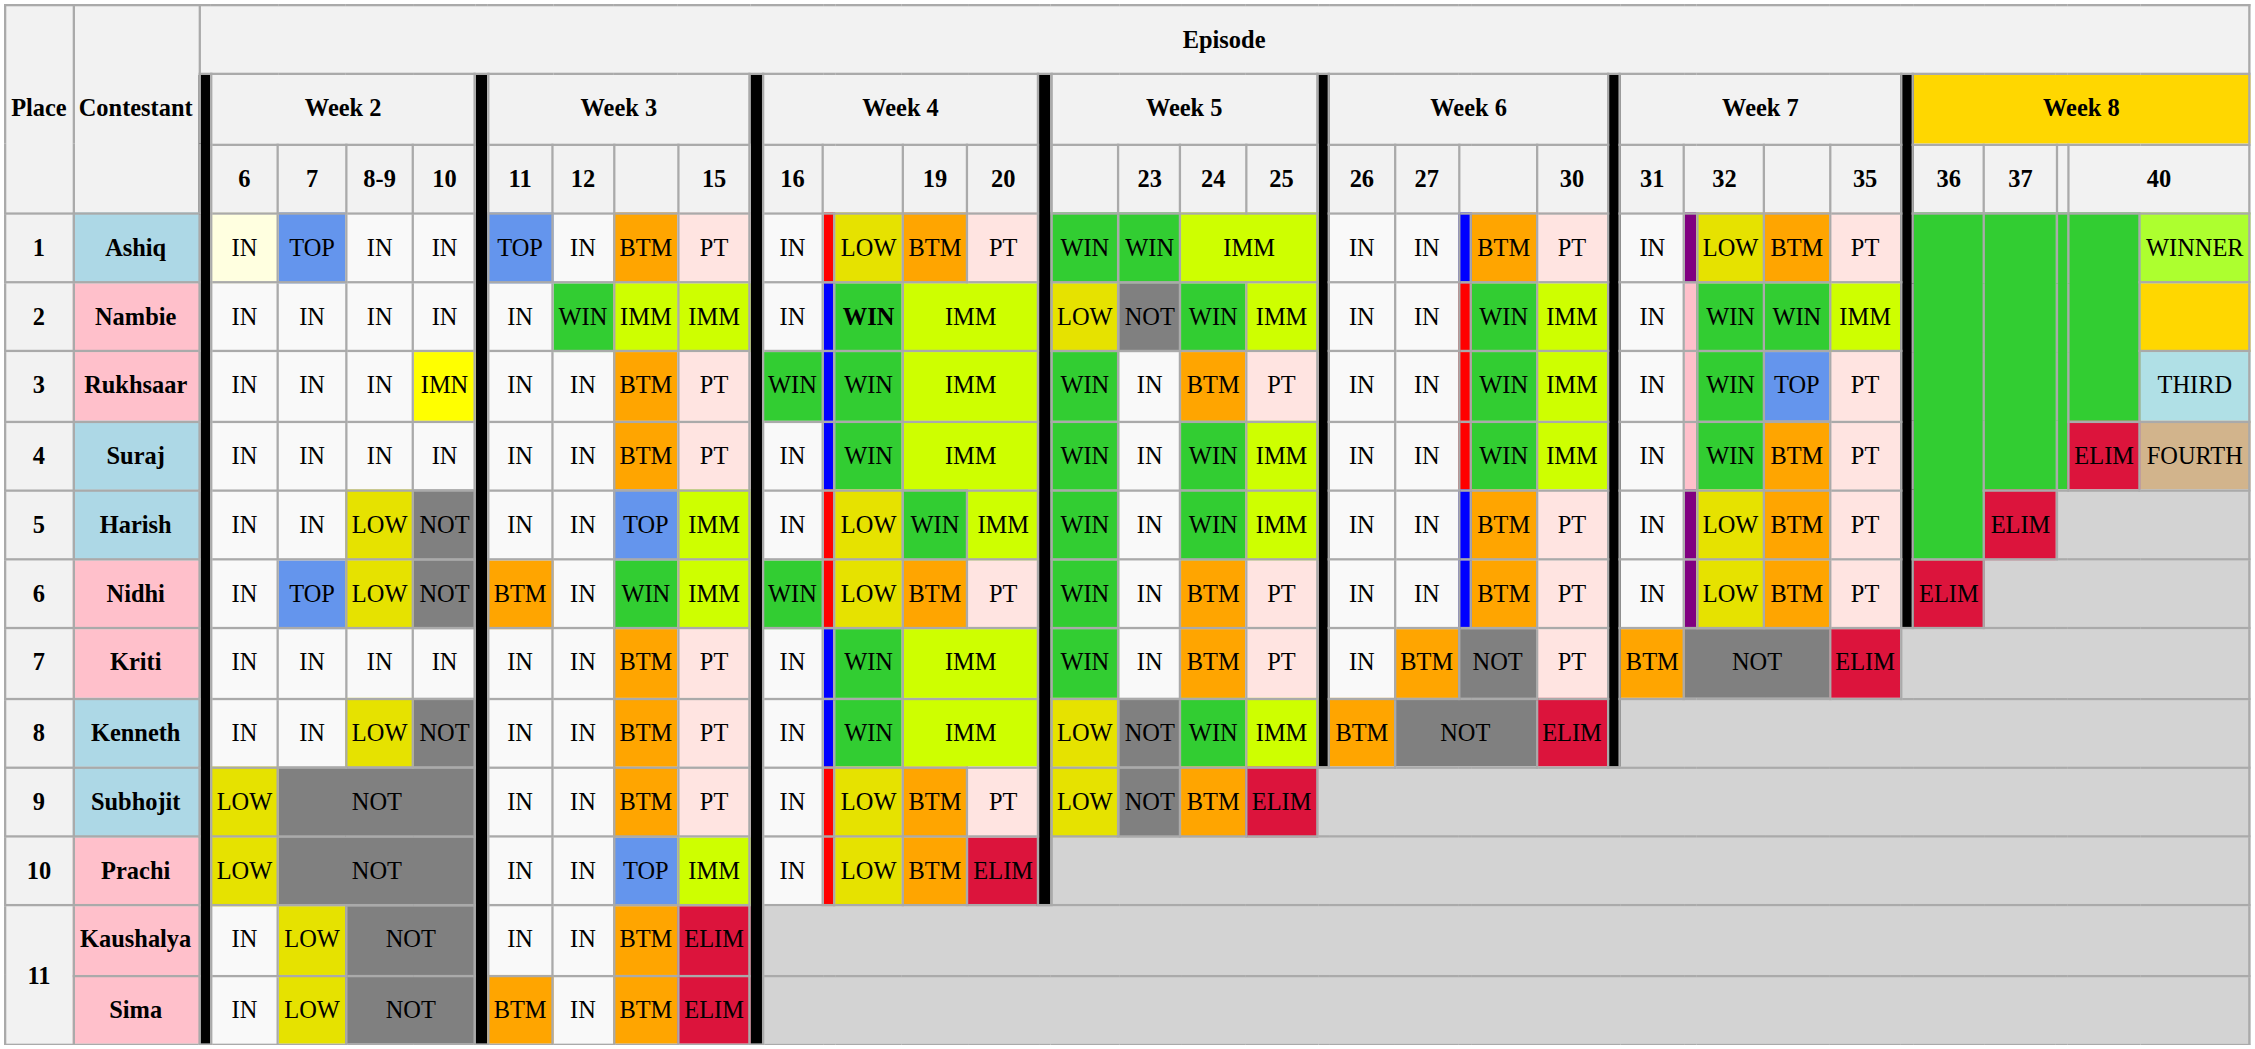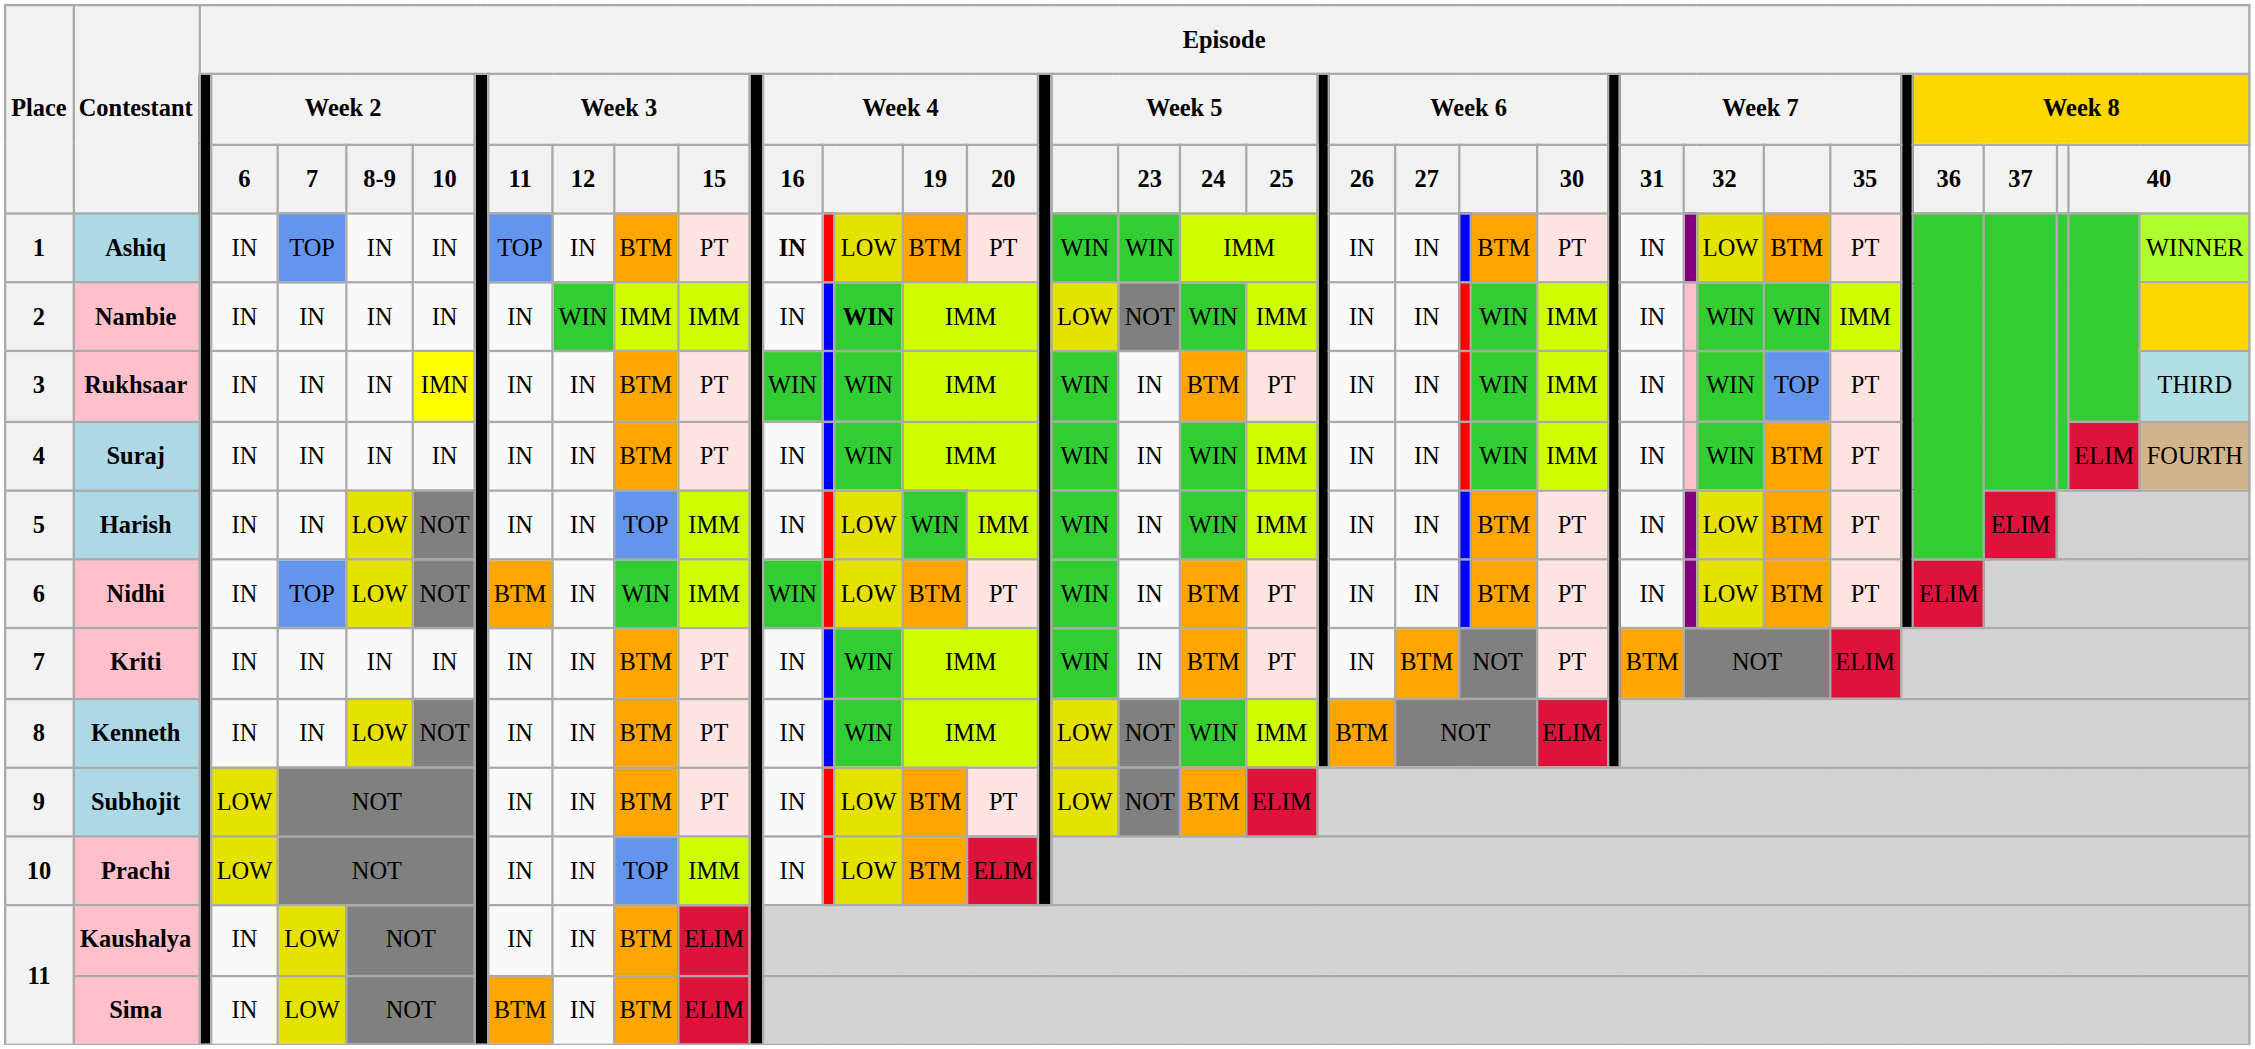 <table class="wikitable" style="text-align: center; font-size: 8pt; line-height:25px;">
 <tr>
 <th rowspan="3">Place</th>
 <th rowspan="3">Contestant</th>
 <th colspan="39">Episode</th>
 </tr>
 <tr>
 <td rowspan="14" bgcolor=Black></td>
 <th colspan="4">Week 2</th>
 <td rowspan="14" bgcolor=Black></td>
 <th colspan="4">Week 3</th>
 <td rowspan="14" bgcolor=Black></td>
 <th colspan="5">Week 4</th>
 <td rowspan="12" bgcolor=Black></td>
 <th colspan="4">Week 5</th>
 <td rowspan="10" bgcolor=Black></td>
 <th colspan="5">Week 6</th>
 <td rowspan="10" bgcolor=Black></td>
 <th colspan="5">Week 7</th>
 <td rowspan="8" bgcolor=Black></td>
 <td colspan="5" bgcolor="gold"><strong>Week 8</strong></td>
 </tr>
 <tr>
 <th>6</th>
 <th>7</th>
 <th>8-9</th>
 <th>10</th>
 <th>11</th>
 <th>12</th>
 <th></th>
 <th>15</th>
 <th>16</th>
 <th colspan="2"></th>
 <th>19</th>
 <th>20</th>
 <th></th>
 <th>23</th>
 <th>24</th>
 <th>25</th>
 <th>26</th>
 <th>27</th>
 <th colspan="2"></th>
 <th>30</th>
 <th>31</th>
 <th colspan="2">32</th>
 <th></th>
 <th>35</th>
 <th>36</th>
 <th>37</th>
 <th></th>
 <th colspan="2">40</th>
 </tr>
 <tr>
 <th>1</th>
 <th style="background:lightblue;">Ashiq</th>
-<td style="background: lightyellow;">IN</td>
+<td>IN</td>
 <td style="background:cornflowerblue;">TOP</td>
 <td>IN</td>
 <td>IN</td>
 <td style="background:cornflowerblue;">TOP</td>
 <td>IN</td>
 <td style="background:Orange;">BTM</td>
 <td style="background:mistyrose;">PT</td>
-<td>IN</td>
+<td><strong>IN</strong></td>
 <td style="background:red;"></td>
 <td style="background:#E6E200;">LOW</td>
 <td style="background:Orange;">BTM</td>
 <td style="background:mistyrose;">PT</td>
 <td style="background:limegreen;">WIN</td>
 <td style="background:limegreen;">WIN</td>
 <td colspan="2" style="background:#CEFF00;">IMM</td>
 <td>IN</td>
 <td>IN</td>
 <td style="background:blue;"></td>
 <td style="background:Orange;">BTM</td>
 <td style="background:mistyrose;">PT</td>
 <td>IN</td>
 <td style="background:purple;"></td>
 <td style="background:#E6E200;">LOW</td>
 <td style="background:Orange;">BTM</td>
 <td style="background:mistyrose;">PT</td>
 <td rowspan="5" style="background:limegreen;"></td>
 <td rowspan="4" style="background:limegreen;"></td>
 <td rowspan="4" style="background:limegreen;"></td>
 <td rowspan="3" style="background:limegreen;"></td>
 <td style="background:#ADFF2F;">WINNER</td>
 </tr>
 <tr>
 <th>2</th>
 <th style="background:pink;"><strong>Nambie</strong></th>
 <td>IN</td>
 <td>IN</td>
 <td>IN</td>
 <td>IN</td>
 <td>IN</td>
 <td style="background:limegreen;">WIN</td>
 <td style="background:#CEFF00;">IMM</td>
 <td style="background:#CEFF00;">IMM</td>
 <td>IN</td>
 <td style="background:blue;"></td>
 <td style="background:limegreen;"><strong>WIN</strong></td>
 <td colspan="2" style="background:#CEFF00;">IMM</td>
 <td style="background:#E6E200;">LOW</td>
 <td style="background:grey;">NOT</td>
 <td style="background:limegreen;">WIN</td>
 <td style="background:#CEFF00;">IMM</td>
 <td>IN</td>
 <td>IN</td>
 <td style="background:red;"></td>
 <td style="background:limegreen;">WIN</td>
 <td style="background:#CEFF00;">IMM</td>
 <td>IN</td>
 <td style="background:pink;"></td>
 <td style="background:limegreen;">WIN</td>
 <td style="background:limegreen;">WIN</td>
 <td style="background:#CEFF00;">IMM</td>
 <td style="background:gold;"></td>
 </tr>
 <tr>
 <th>3</th>
 <th style="background:pink;"><strong>Rukhsaar</strong></th>
 <td>IN</td>
 <td>IN</td>
 <td>IN</td>
 <td style="background:yellow;">IMN</td>
 <td>IN</td>
 <td>IN</td>
 <td style="background:Orange;">BTM</td>
 <td style="background:mistyrose;">PT</td>
 <td style="background:limegreen;">WIN</td>
 <td style="background:blue;"></td>
 <td style="background:limegreen;">WIN</td>
 <td colspan="2" style="background:#CEFF00;">IMM</td>
 <td style="background:limegreen;">WIN</td>
 <td>IN</td>
 <td style="background:Orange;">BTM</td>
 <td style="background:mistyrose;">PT</td>
 <td>IN</td>
 <td>IN</td>
 <td style="background:red;"></td>
 <td style="background:limegreen;">WIN</td>
 <td style="background:#CEFF00;">IMM</td>
 <td>IN</td>
 <td style="background:pink;"></td>
 <td style="background:limegreen;">WIN</td>
 <td style="background:cornflowerblue;">TOP</td>
 <td style="background:mistyrose;">PT</td>
 <td style="background:#B0E0E6;">THIRD</td>
 </tr>
 <tr>
 <th>4</th>
 <th style="background:lightblue;"><strong>Suraj</strong></th>
 <td>IN</td>
 <td>IN</td>
 <td>IN</td>
 <td>IN</td>
 <td>IN</td>
 <td>IN</td>
 <td style="background:Orange;">BTM</td>
 <td style="background:mistyrose;">PT</td>
 <td>IN</td>
 <td style="background:blue;"></td>
 <td style="background:limegreen;">WIN</td>
 <td colspan="2" style="background:#CEFF00;">IMM</td>
 <td style="background:limegreen;">WIN</td>
 <td>IN</td>
 <td style="background:limegreen;">WIN</td>
 <td style="background:#CEFF00;">IMM</td>
 <td>IN</td>
 <td>IN</td>
 <td style="background:red;"></td>
 <td style="background:limegreen;">WIN</td>
 <td style="background:#CEFF00;">IMM</td>
 <td>IN</td>
 <td style="background:pink;"></td>
 <td style="background:limegreen;">WIN</td>
 <td style="background:Orange;">BTM</td>
 <td style="background:mistyrose;">PT</td>
 <td style="background:crimson;">ELIM</td>
 <td style="background:tan;">FOURTH</td>
 </tr>
 <tr>
 <th>5</th>
 <th style="background:lightblue;"><strong>Harish</strong></th>
 <td>IN</td>
 <td>IN</td>
 <td style="background:#E6E200;">LOW</td>
 <td style="background:grey;">NOT</td>
 <td>IN</td>
 <td>IN</td>
 <td style="background:cornflowerblue;">TOP</td>
 <td style="background:#CEFF00;">IMM</td>
 <td>IN</td>
 <td style="background:red;"></td>
 <td style="background:#E6E200;">LOW</td>
 <td style="background:limegreen;">WIN</td>
 <td style="background:#CEFF00;">IMM</td>
 <td style="background:limegreen;">WIN</td>
 <td>IN</td>
 <td style="background:limegreen;">WIN</td>
 <td style="background:#CEFF00;">IMM</td>
 <td>IN</td>
 <td>IN</td>
 <td style="background:blue;"></td>
 <td style="background:Orange;">BTM</td>
 <td style="background:mistyrose;">PT</td>
 <td>IN</td>
 <td style="background:purple;"></td>
 <td style="background:#E6E200;">LOW</td>
 <td style="background:Orange;">BTM</td>
 <td style="background:mistyrose;">PT</td>
 <td style="background:crimson;">ELIM</td>
 <td colspan="3" style="background:lightgrey;"></td>
 </tr>
 <tr>
 <th>6</th>
 <th style="background:pink;"><strong>Nidhi</strong></th>
 <td>IN</td>
 <td style="background:cornflowerblue;">TOP</td>
 <td style="background:#E6E200;">LOW</td>
 <td style="background:grey;">NOT</td>
 <td style="background:Orange;">BTM</td>
 <td>IN</td>
 <td style="background:limegreen;">WIN</td>
 <td style="background:#CEFF00;">IMM</td>
 <td style="background:limegreen;">WIN</td>
 <td style="background:red;"></td>
 <td style="background:#E6E200;">LOW</td>
 <td style="background:Orange;">BTM</td>
 <td style="background:mistyrose;">PT</td>
 <td style="background:limegreen;">WIN</td>
 <td>IN</td>
 <td style="background:Orange;">BTM</td>
 <td style="background:mistyrose;">PT</td>
 <td>IN</td>
 <td>IN</td>
 <td style="background:blue;"></td>
 <td style="background:Orange;">BTM</td>
 <td style="background:mistyrose;">PT</td>
 <td>IN</td>
 <td style="background:purple;"></td>
 <td style="background:#E6E200;">LOW</td>
 <td style="background:Orange;">BTM</td>
 <td style="background:mistyrose;">PT</td>
 <td style="background:crimson;">ELIM</td>
 <td colspan="4" style="background:lightgrey;"></td>
 </tr>
 <tr>
 <th>7</th>
 <th style="background:pink;"><strong>Kriti</strong></th>
 <td>IN</td>
 <td>IN</td>
 <td>IN</td>
 <td>IN</td>
 <td>IN</td>
 <td>IN</td>
 <td style="background:Orange;">BTM</td>
 <td style="background:mistyrose;">PT</td>
 <td>IN</td>
 <td style="background:blue;"></td>
 <td style="background:limegreen;">WIN</td>
 <td colspan="2" style="background:#CEFF00;">IMM</td>
 <td style="background:limegreen;">WIN</td>
 <td>IN</td>
 <td style="background:Orange;">BTM</td>
 <td style="background:mistyrose;">PT</td>
 <td>IN</td>
 <td style="background:Orange;">BTM</td>
 <td colspan="2" style="background:grey;">NOT</td>
 <td style="background:mistyrose;">PT</td>
 <td style="background:Orange;">BTM</td>
 <td colspan="3" style="background:grey;">NOT</td>
 <td style="background:crimson;">ELIM</td>
 <td colspan="6" style="background:lightgrey;"></td>
 </tr>
 <tr>
 <th>8</th>
 <th style="background:lightblue;"><strong>Kenneth</strong></th>
 <td>IN</td>
 <td>IN</td>
 <td style="background:#E6E200;">LOW</td>
 <td style="background:grey;">NOT</td>
 <td>IN</td>
 <td>IN</td>
 <td style="background:Orange;">BTM</td>
 <td style="background:mistyrose;">PT</td>
 <td>IN</td>
 <td style="background:blue;"></td>
 <td style="background:limegreen;">WIN</td>
 <td colspan="2" style="background:#CEFF00;">IMM</td>
 <td style="background:#E6E200;">LOW</td>
 <td style="background:grey;">NOT</td>
 <td style="background:limegreen;">WIN</td>
 <td style="background:#CEFF00;">IMM</td>
 <td style="background:Orange;">BTM</td>
 <td colspan="3" style="background:grey;">NOT</td>
 <td style="background:crimson;">ELIM</td>
 <td colspan="11" style="background:lightgrey;"></td>
 </tr>
 <tr>
 <th>9</th>
 <th style="background:lightblue;"><strong>Subhojit</strong></th>
 <td style="background:#E6E200;">LOW</td>
 <td colspan="3" style="background:grey;">NOT</td>
 <td>IN</td>
 <td>IN</td>
 <td style="background:Orange;">BTM</td>
 <td style="background:mistyrose;">PT</td>
 <td>IN</td>
 <td style="background:red;"></td>
 <td style="background:#E6E200;">LOW</td>
 <td style="background:Orange;">BTM</td>
 <td style="background:mistyrose;">PT</td>
 <td style="background:#E6E200;">LOW</td>
 <td style="background:grey;">NOT</td>
 <td style="background:Orange;">BTM</td>
 <td style="background:crimson;">ELIM</td>
 <td colspan="18" style="background:lightgrey;"></td>
 </tr>
 <tr>
 <th>10</th>
 <th style="background:pink;"><strong>Prachi</strong></th>
 <td style="background:#E6E200;">LOW</td>
 <td colspan="3" style="background:grey;">NOT</td>
 <td>IN</td>
 <td>IN</td>
 <td style="background:cornflowerblue;">TOP</td>
 <td style="background:#CEFF00;">IMM</td>
 <td>IN</td>
 <td style="background:red;"></td>
 <td style="background:#E6E200;">LOW</td>
 <td style="background:Orange;">BTM</td>
 <td style="background:crimson;">ELIM</td>
 <td colspan="22" style="background:lightgrey;"></td>
 </tr>
 <tr>
 <th rowspan="2">11</th>
 <th style="background:pink;"><strong>Kaushalya</strong></th>
 <td>IN</td>
 <td style="background:#E6E200;">LOW</td>
 <td colspan="2" style="background:grey;">NOT</td>
 <td>IN</td>
 <td>IN</td>
 <td style="background:Orange;">BTM</td>
 <td style="background:crimson;">ELIM</td>
 <td colspan="28" style="background:lightgrey;"></td>
 </tr>
 <tr>
 <th style="background:pink;"><strong>Sima</strong></th>
 <td>IN</td>
 <td style="background:#E6E200;">LOW</td>
 <td colspan="2" style="background:grey;">NOT</td>
 <td style="background:Orange;">BTM</td>
 <td>IN</td>
 <td style="background:Orange;">BTM</td>
 <td style="background:crimson;">ELIM</td>
 <td colspan="28" style="background:lightgrey;"></td>
 </tr>
 </table>
